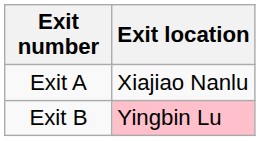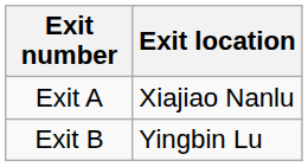 <table class="wikitable">
 <tr>
 <th style="width:70px" colspan="2">Exit number</th>
 <th>Exit location</th>
 </tr>
 <tr>
 <td align="center" colspan="2">Exit A</td>
 <td>Xiajiao Nanlu</td>
 </tr>
 <tr>
 <td align="center" colspan="2">Exit B</td>
-<td style="background: pink;">Yingbin Lu</td>
+<td>Yingbin Lu</td>
 </tr>
 </table>
